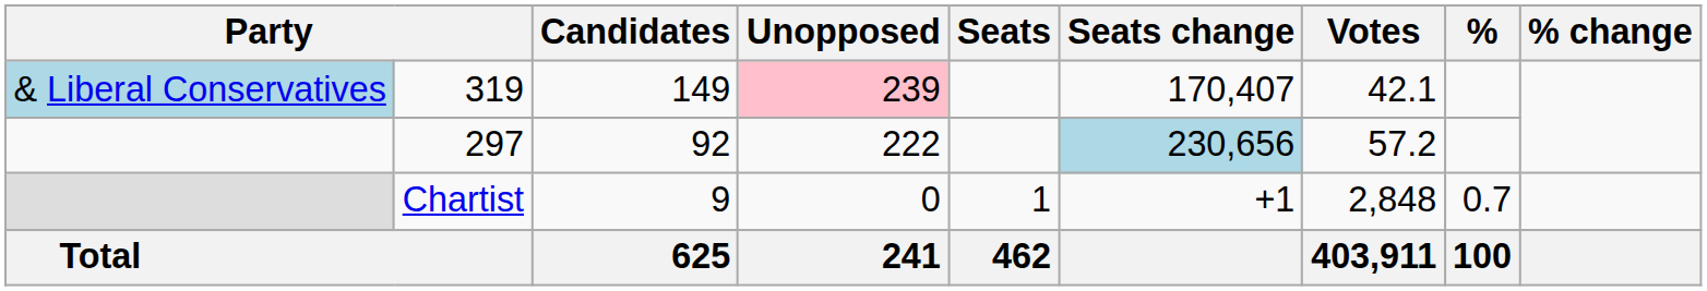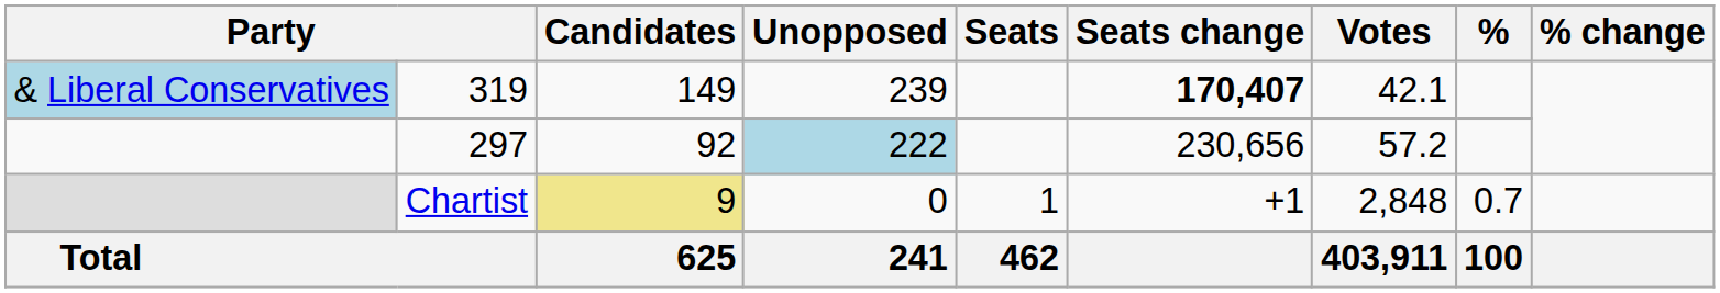 <table class="wikitable sortable">
 <tr>
 <th colspan=2>Party</th>
 <th>Candidates</th>
 <th>Unopposed</th>
 <th>Seats</th>
 <th>Seats change</th>
 <th>Votes</th>
 <th>%</th>
 <th>% change</th>
 </tr>
 <tr>
 <td style="background: lightblue;"> & <a href='#'>Liberal Conservatives</a></td>
 <td align=right>319</td>
 <td align=right>149</td>
-<td align=right style="background: pink;">239</td>
+<td align=right>239</td>
 <td align=right></td>
-<td align=right>170,407</td>
+<td align=right><strong>170,407</strong></td>
 <td align=right>42.1</td>
 <td align=right></td>
 </tr>
 <tr>
 <td></td>
 <td align=right>297</td>
 <td align=right>92</td>
-<td align=right>222</td>
+<td align=right style="background: lightblue;">222</td>
 <td align=right></td>
-<td align=right style="background: lightblue;">230,656</td>
+<td align=right>230,656</td>
 <td align=right>57.2</td>
 <td align=right></td>
 </tr>
 <tr>
 <td bgcolor="#DDDDDD"></td>
 <td><a href='#'>Chartist</a></td>
-<td align=right>9</td>
+<td align=right style="background: khaki;">9</td>
 <td align=right>0</td>
 <td align=right>1</td>
 <td align=right>+1</td>
 <td align=right>2,848</td>
 <td align=right>0.7</td>
 <td align=right></td>
 </tr>
 <tr class="sortbottom" style="font-weight: bold; text-align: right; background: #f2f2f2;">
 <th colspan="2" style="padding-left: 1.5em; text-align: left;">Total</th>
 <td align=right>625</td>
 <td align=right>241</td>
 <td align=right>462</td>
 <td align=right></td>
 <td align=right>403,911</td>
 <td align=right>100</td>
 <td align=right></td>
 </tr>
 </table>
